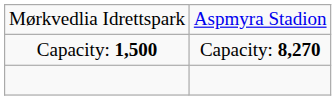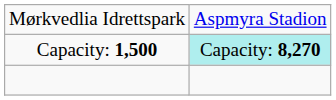 <table class="wikitable" style="text-align:center">
 <tr>
 <td>Mørkvedlia Idrettspark</td>
 <td><a href='#'>Aspmyra Stadion</a></td>
 </tr>
 <tr>
 <td>Capacity: <strong>1,500</strong></td>
-<td>Capacity: <strong>8,270</strong></td>
+<td style="background: paleturquoise;">Capacity: <strong>8,270</strong></td>
 </tr>
 <tr>
 <td></td>
 <td><br></td>
 </tr>
 </table>
